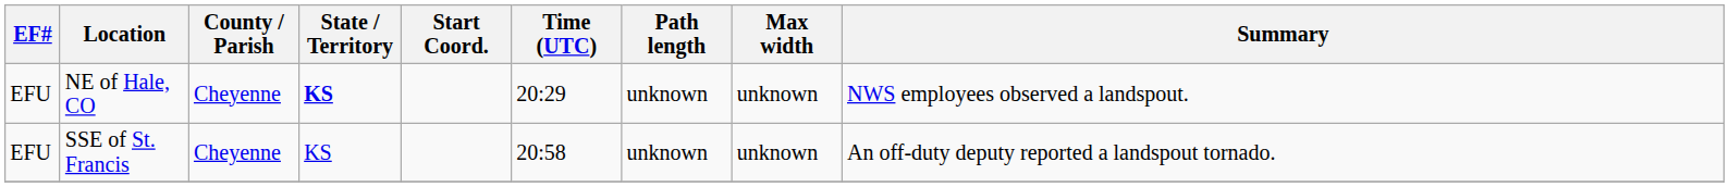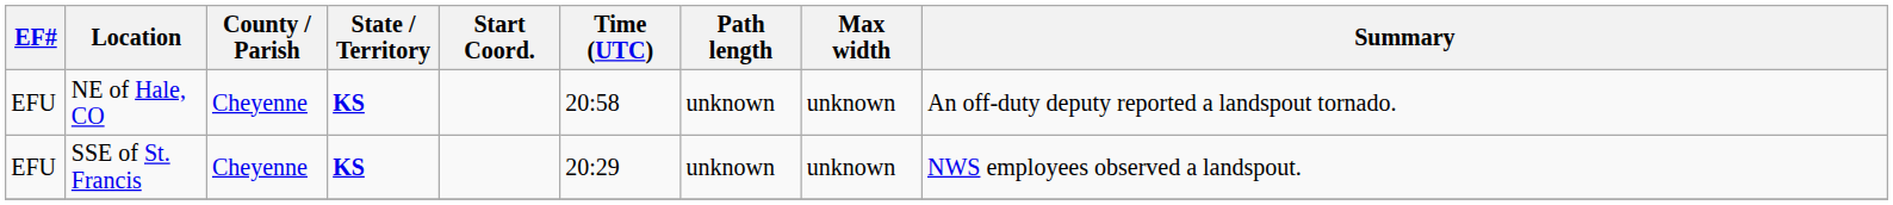 <table class="wikitable sortable" style="width:100%;">
 <tr>
 <th scope="col"  style="width:3%; text-align:center;"><a href='#'>EF#</a></th>
 <th scope="col"  style="width:7%; text-align:center;" class="unsortable">Location</th>
 <th scope="col"  style="width:6%; text-align:center;" class="unsortable">County / Parish</th>
 <th scope="col"  style="width:5%; text-align:center;">State / Territory</th>
 <th scope="col"  style="width:6%; text-align:center;">Start Coord.</th>
 <th scope="col"  style="width:6%; text-align:center;">Time (<a href='#'>UTC</a>)</th>
 <th scope="col"  style="width:6%; text-align:center;">Path length</th>
 <th scope="col"  style="width:6%; text-align:center;">Max width</th>
 <th scope="col" class="unsortable" style="width:48%; text-align:center;">Summary</th>
 </tr>
 <tr>
 <td>EFU</td>
 <td>NE of <a href='#'>Hale, CO</a></td>
 <td><a href='#'>Cheyenne</a></td>
 <td><strong><a href='#'>KS</a></strong></td>
 <td></td>
+<td>20:58</td>
+<td>unknown</td>
+<td>unknown</td>
+<td>An off-duty deputy reported a landspout tornado.</td>
+</tr>
+<tr>
+<td>EFU</td>
+<td>SSE of <a href='#'>St. Francis</a></td>
+<td><a href='#'>Cheyenne</a></td>
+<td><strong><a href='#'>KS</a></strong></td>
+<td></td>
 <td>20:29</td>
 <td>unknown</td>
 <td>unknown</td>
 <td><a href='#'>NWS</a> employees observed a landspout.</td>
 </tr>
 <tr>
-<td>EFU</td>
-<td>SSE of <a href='#'>St. Francis</a></td>
-<td><a href='#'>Cheyenne</a></td>
-<td><a href='#'>KS</a></td>
-<td></td>
-<td>20:58</td>
-<td>unknown</td>
-<td>unknown</td>
-<td>An off-duty deputy reported a landspout tornado.</td>
-</tr>
-<tr>
 </tr>
 </table>
